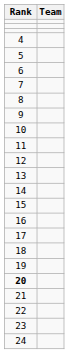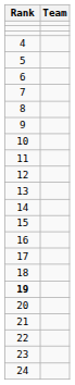 <table class="wikitable">
 <tr>
 <th style="width: 40px;">Rank</th>
 <th>Team</th>
 </tr>
 <tr>
 <td align=center></td>
 <td></td>
 </tr>
 <tr>
 <td align=center></td>
 <td></td>
 </tr>
 <tr>
 <td align=center></td>
 <td></td>
 </tr>
 <tr>
 <td align=center>4</td>
 <td></td>
 </tr>
 <tr>
 <td align=center>5</td>
 <td></td>
 </tr>
 <tr>
 <td align=center>6</td>
 <td></td>
 </tr>
 <tr>
 <td align=center>7</td>
 <td></td>
 </tr>
 <tr>
 <td align=center>8</td>
 <td></td>
 </tr>
 <tr>
 <td align=center>9</td>
 <td></td>
 </tr>
 <tr>
 <td align=center>10</td>
 <td></td>
 </tr>
 <tr>
 <td align=center>11</td>
 <td></td>
 </tr>
 <tr>
 <td align=center>12</td>
 <td></td>
 </tr>
 <tr>
 <td align=center>13</td>
 <td></td>
 </tr>
 <tr>
 <td align=center>14</td>
 <td></td>
 </tr>
 <tr>
 <td align=center>15</td>
 <td></td>
 </tr>
 <tr>
 <td align=center>16</td>
 <td></td>
 </tr>
 <tr>
 <td align=center>17</td>
 <td></td>
 </tr>
 <tr>
 <td align=center>18</td>
 <td></td>
 </tr>
 <tr>
-<td align=center>19</td>
+<td align=center><strong>19</strong></td>
 <td></td>
 </tr>
 <tr>
-<td align=center><strong>20</strong></td>
+<td align=center>20</td>
 <td></td>
 </tr>
 <tr>
 <td align=center>21</td>
 <td></td>
 </tr>
 <tr>
 <td align=center>22</td>
 <td></td>
 </tr>
 <tr>
 <td align=center>23</td>
 <td></td>
 </tr>
 <tr>
 <td align=center>24</td>
 <td></td>
 </tr>
 </table>
